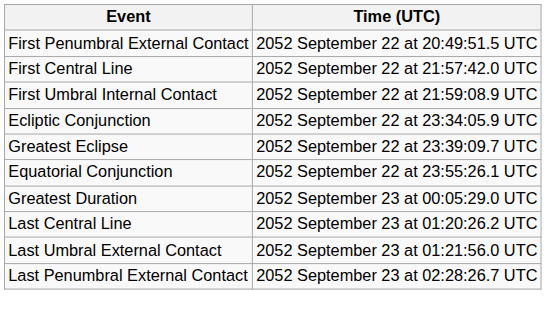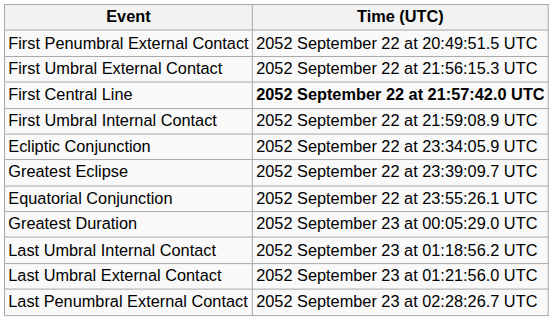 <table class="wikitable">
 <tr>
 <th>Event</th>
 <th>Time (UTC)</th>
 </tr>
 <tr>
 <td>First Penumbral External Contact</td>
 <td>2052 September 22 at 20:49:51.5 UTC</td>
 </tr>
 <tr>
+<td>First Umbral External Contact</td>
+<td>2052 September 22 at 21:56:15.3 UTC</td>
+</tr>
+<tr>
 <td>First Central Line</td>
-<td>2052 September 22 at 21:57:42.0 UTC</td>
+<td><strong>2052 September 22 at 21:57:42.0 UTC</strong></td>
 </tr>
 <tr>
 <td>First Umbral Internal Contact</td>
 <td>2052 September 22 at 21:59:08.9 UTC</td>
 </tr>
 <tr>
 <td>Ecliptic Conjunction</td>
 <td>2052 September 22 at 23:34:05.9 UTC</td>
 </tr>
 <tr>
 <td>Greatest Eclipse</td>
 <td>2052 September 22 at 23:39:09.7 UTC</td>
 </tr>
 <tr>
 <td>Equatorial Conjunction</td>
 <td>2052 September 22 at 23:55:26.1 UTC</td>
 </tr>
 <tr>
 <td>Greatest Duration</td>
 <td>2052 September 23 at 00:05:29.0 UTC</td>
 </tr>
 <tr>
-<td>Last Central Line</td>
-<td>2052 September 23 at 01:20:26.2 UTC</td>
+<td>Last Umbral Internal Contact</td>
+<td>2052 September 23 at 01:18:56.2 UTC</td>
 </tr>
 <tr>
 <td>Last Umbral External Contact</td>
 <td>2052 September 23 at 01:21:56.0 UTC</td>
 </tr>
 <tr>
 <td>Last Penumbral External Contact</td>
 <td>2052 September 23 at 02:28:26.7 UTC</td>
 </tr>
 </table>
